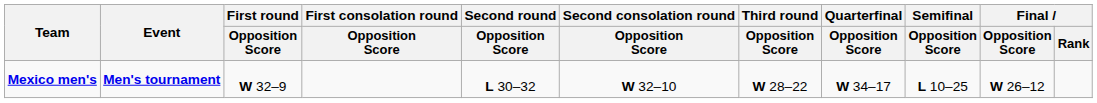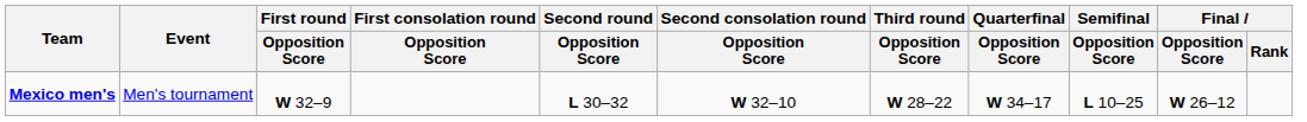 <table class=wikitable style=font-size:90%;text-align:center>
 <tr>
 <th rowspan=2>Team</th>
 <th rowspan=2>Event</th>
 <th>First round</th>
 <th>First consolation round</th>
 <th>Second round</th>
 <th>Second consolation round</th>
 <th>Third round</th>
 <th>Quarterfinal</th>
 <th>Semifinal</th>
 <th colspan=2>Final / </th>
 </tr>
 <tr style=font-size:95%>
 <th>Opposition<br>Score</th>
 <th>Opposition<br>Score</th>
 <th>Opposition<br>Score</th>
 <th>Opposition<br>Score</th>
 <th>Opposition<br>Score</th>
 <th>Opposition<br>Score</th>
 <th>Opposition<br>Score</th>
 <th>Opposition<br>Score</th>
 <th>Rank</th>
 </tr>
 <tr>
 <td align=left><a href='#'><strong>Mexico men's</strong></a></td>
-<td align=left><strong><a href='#'>Men's tournament</a></strong></td>
+<td align=left><a href='#'>Men's tournament</a></td>
 <td><br><strong>W</strong> 32–9</td>
 <td></td>
 <td><br><strong>L</strong> 30–32</td>
 <td><br><strong>W</strong> 32–10</td>
 <td><br><strong>W</strong> 28–22</td>
 <td><br><strong>W</strong> 34–17</td>
 <td><br><strong>L</strong> 10–25</td>
 <td><br><strong>W</strong> 26–12</td>
 <td></td>
 </tr>
 </table>
